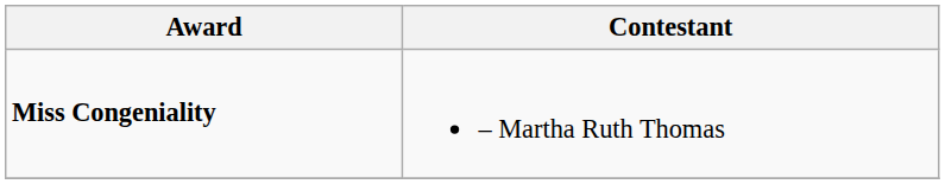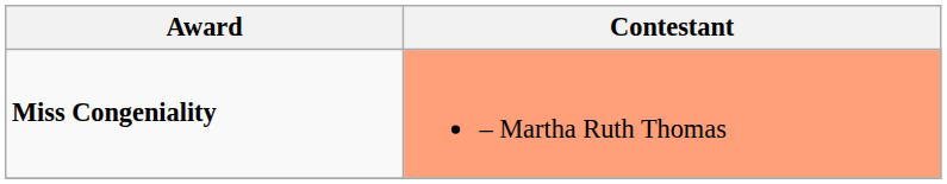 <table class="wikitable sortable" style="font-size:95%;">
 <tr>
 <th width="220">Award</th>
 <th width="300">Contestant</th>
 </tr>
 <tr>
 <td><strong>Miss Congeniality</strong></td>
-<td><br><ul><li><strong></strong> – Martha Ruth Thomas</li></ul></td>
+<td style="background: lightsalmon;"><br><ul><li><strong></strong> – Martha Ruth Thomas</li></ul></td>
 </tr>
 <tr>
 </tr>
 </table>
